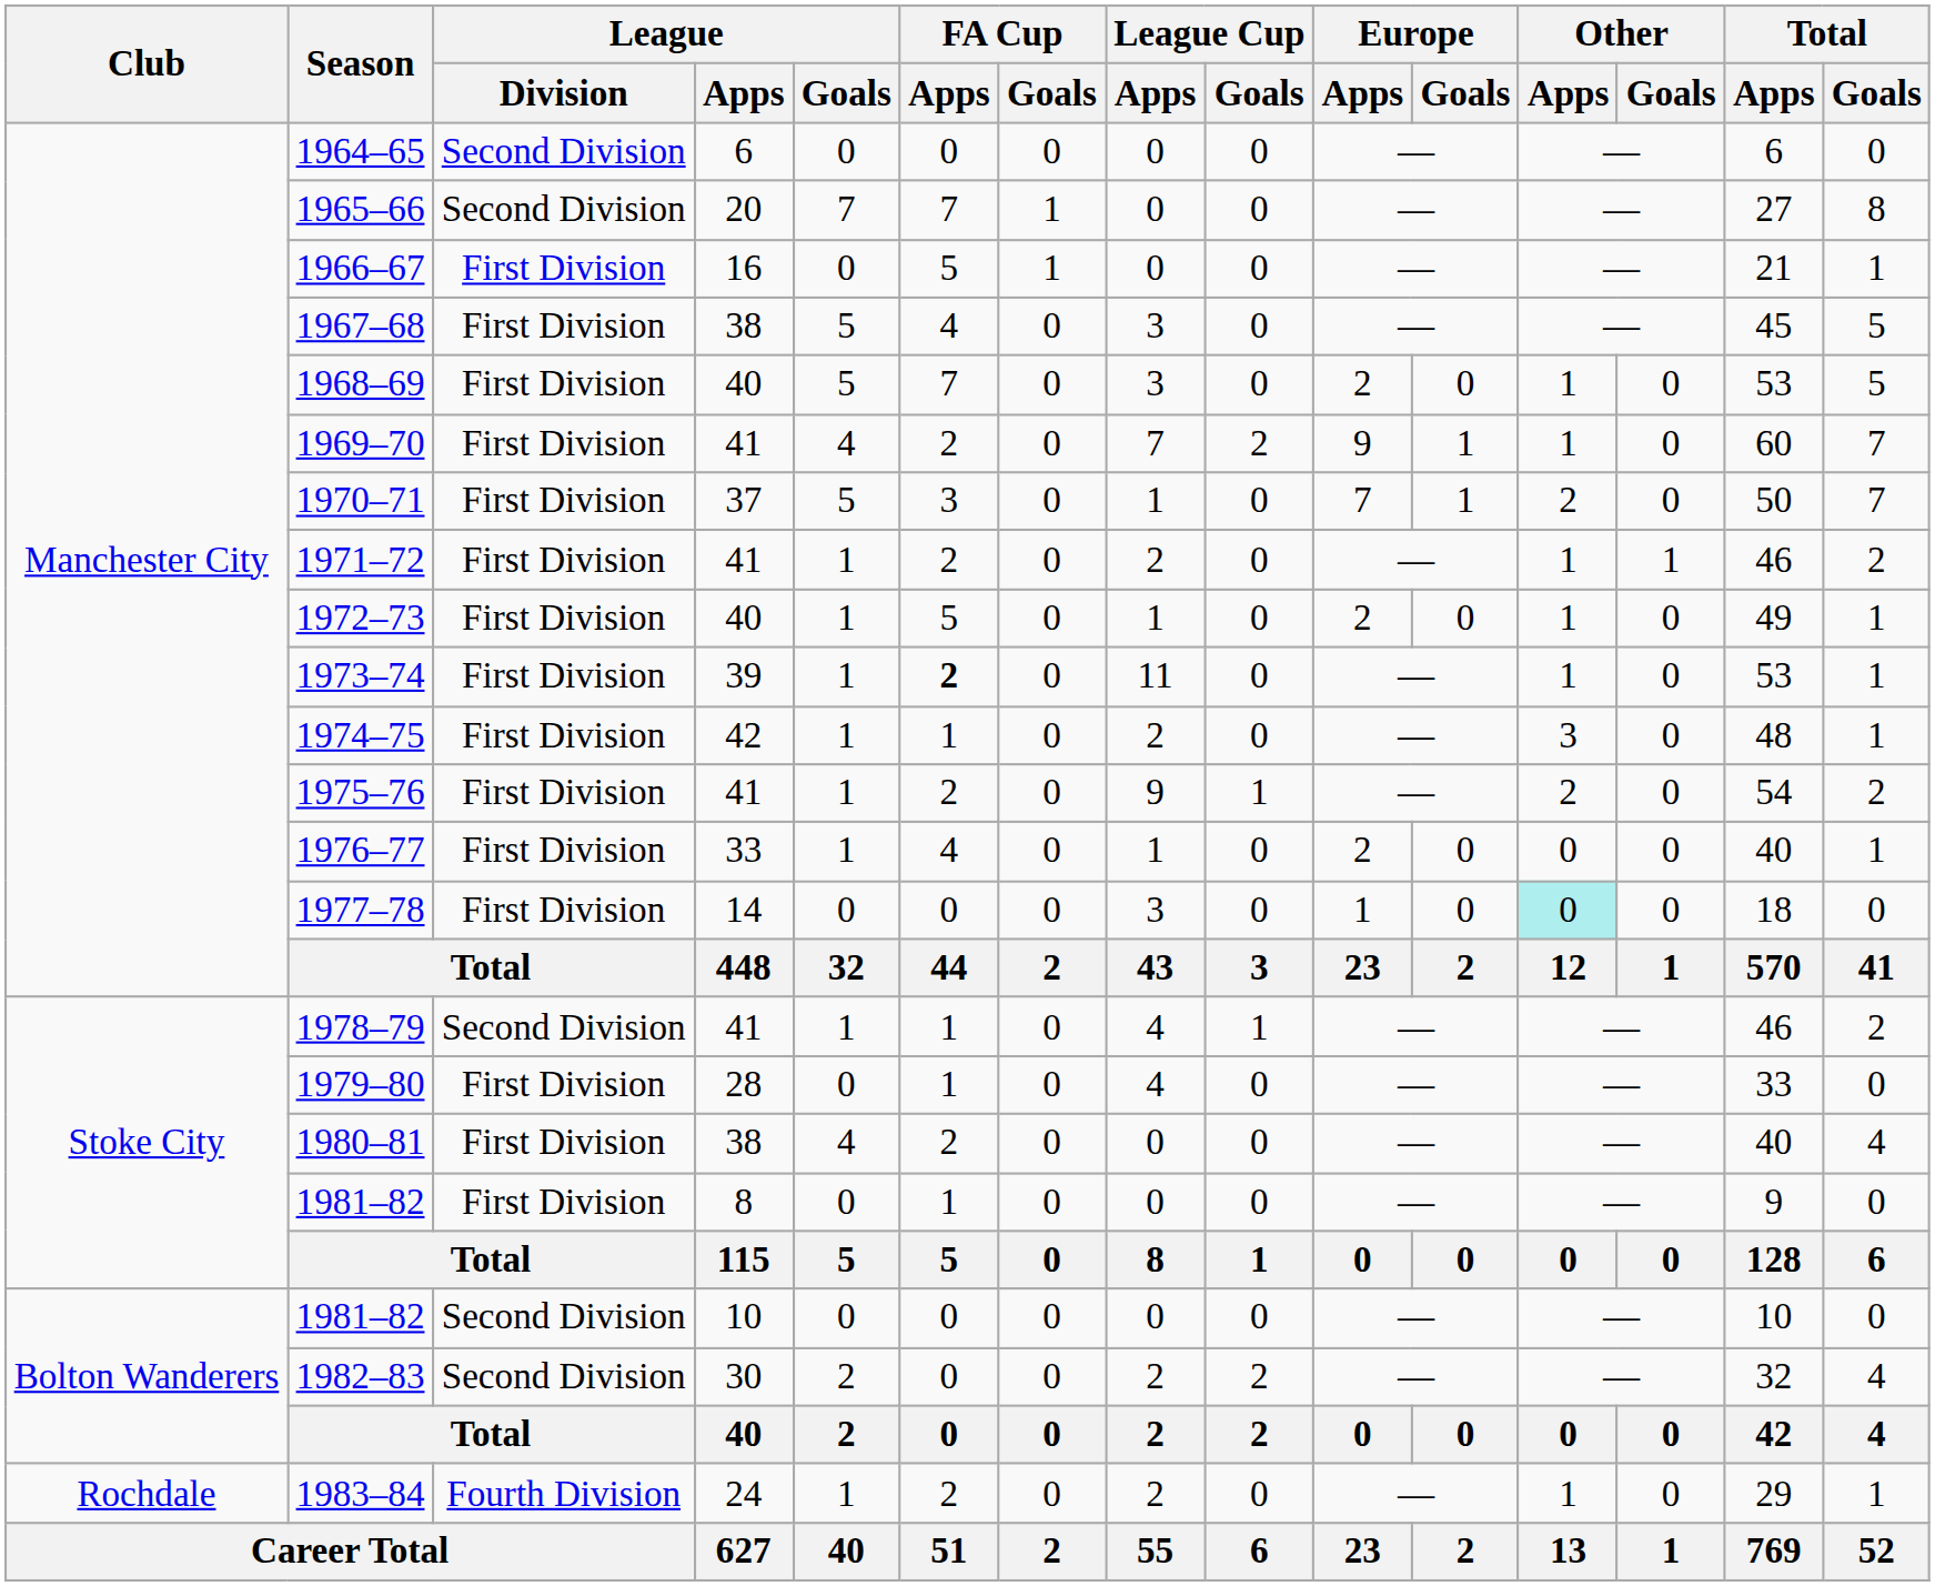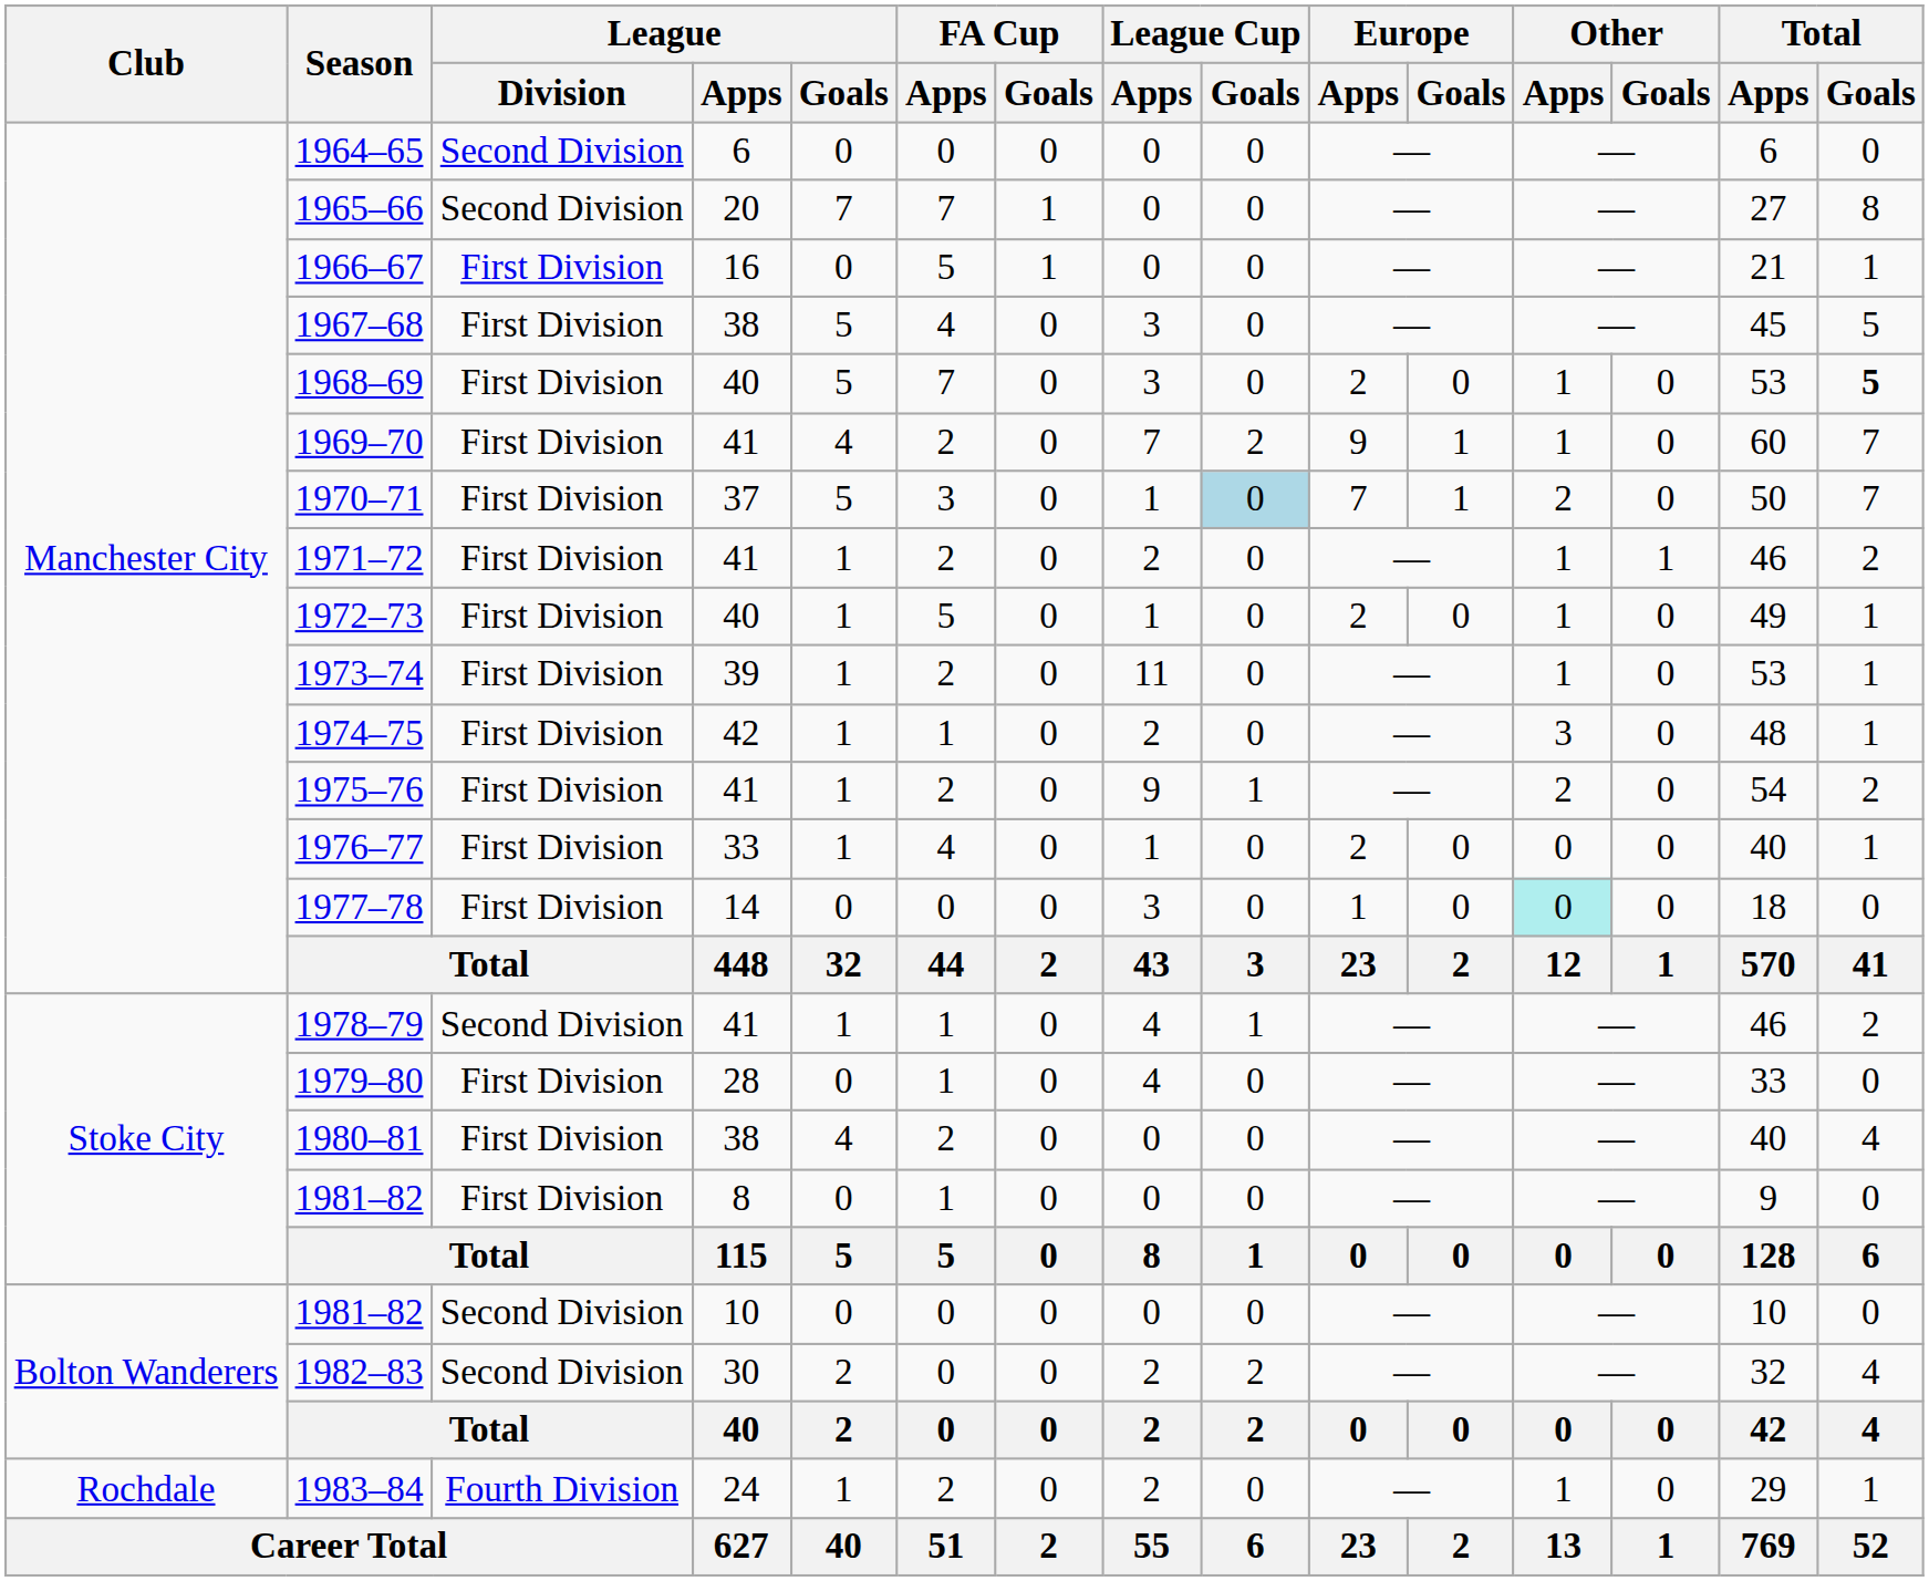 <table class="wikitable" style="text-align: center;">
 <tr>
 <th rowspan="2">Club</th>
 <th rowspan="2">Season</th>
 <th colspan="3">League</th>
 <th colspan="2">FA Cup</th>
 <th colspan="2">League Cup</th>
 <th colspan="2">Europe</th>
 <th colspan="2">Other</th>
 <th colspan="2">Total</th>
 </tr>
 <tr>
 <th>Division</th>
 <th>Apps</th>
 <th>Goals</th>
 <th>Apps</th>
 <th>Goals</th>
 <th>Apps</th>
 <th>Goals</th>
 <th>Apps</th>
 <th>Goals</th>
 <th>Apps</th>
 <th>Goals</th>
 <th>Apps</th>
 <th>Goals</th>
 </tr>
 <tr>
 <td rowspan="15"><a href='#'>Manchester City</a></td>
 <td><a href='#'>1964–65</a></td>
 <td><a href='#'>Second Division</a></td>
 <td>6</td>
 <td>0</td>
 <td>0</td>
 <td>0</td>
 <td>0</td>
 <td>0</td>
 <td colspan="2">—</td>
 <td colspan="2">—</td>
 <td>6</td>
 <td>0</td>
 </tr>
 <tr>
 <td><a href='#'>1965–66</a></td>
 <td>Second Division</td>
 <td>20</td>
 <td>7</td>
 <td>7</td>
 <td>1</td>
 <td>0</td>
 <td>0</td>
 <td colspan="2">—</td>
 <td colspan="2">—</td>
 <td>27</td>
 <td>8</td>
 </tr>
 <tr>
 <td><a href='#'>1966–67</a></td>
 <td><a href='#'>First Division</a></td>
 <td>16</td>
 <td>0</td>
 <td>5</td>
 <td>1</td>
 <td>0</td>
 <td>0</td>
 <td colspan="2">—</td>
 <td colspan="2">—</td>
 <td>21</td>
 <td>1</td>
 </tr>
 <tr>
 <td><a href='#'>1967–68</a></td>
 <td>First Division</td>
 <td>38</td>
 <td>5</td>
 <td>4</td>
 <td>0</td>
 <td>3</td>
 <td>0</td>
 <td colspan="2">—</td>
 <td colspan="2">—</td>
 <td>45</td>
 <td>5</td>
 </tr>
 <tr>
 <td><a href='#'>1968–69</a></td>
 <td>First Division</td>
 <td>40</td>
 <td>5</td>
 <td>7</td>
 <td>0</td>
 <td>3</td>
 <td>0</td>
 <td>2</td>
 <td>0</td>
 <td>1</td>
 <td>0</td>
 <td>53</td>
-<td>5</td>
+<td><strong>5</strong></td>
 </tr>
 <tr>
 <td><a href='#'>1969–70</a></td>
 <td>First Division</td>
 <td>41</td>
 <td>4</td>
 <td>2</td>
 <td>0</td>
 <td>7</td>
 <td>2</td>
 <td>9</td>
 <td>1</td>
 <td>1</td>
 <td>0</td>
 <td>60</td>
 <td>7</td>
 </tr>
 <tr>
 <td><a href='#'>1970–71</a></td>
 <td>First Division</td>
 <td>37</td>
 <td>5</td>
 <td>3</td>
 <td>0</td>
 <td>1</td>
-<td>0</td>
+<td style="background: lightblue;">0</td>
 <td>7</td>
 <td>1</td>
 <td>2</td>
 <td>0</td>
 <td>50</td>
 <td>7</td>
 </tr>
 <tr>
 <td><a href='#'>1971–72</a></td>
 <td>First Division</td>
 <td>41</td>
 <td>1</td>
 <td>2</td>
 <td>0</td>
 <td>2</td>
 <td>0</td>
 <td colspan="2">—</td>
 <td>1</td>
 <td>1</td>
 <td>46</td>
 <td>2</td>
 </tr>
 <tr>
 <td><a href='#'>1972–73</a></td>
 <td>First Division</td>
 <td>40</td>
 <td>1</td>
 <td>5</td>
 <td>0</td>
 <td>1</td>
 <td>0</td>
 <td>2</td>
 <td>0</td>
 <td>1</td>
 <td>0</td>
 <td>49</td>
 <td>1</td>
 </tr>
 <tr>
 <td><a href='#'>1973–74</a></td>
 <td>First Division</td>
 <td>39</td>
 <td>1</td>
-<td><strong>2</strong></td>
+<td>2</td>
 <td>0</td>
 <td>11</td>
 <td>0</td>
 <td colspan="2">—</td>
 <td>1</td>
 <td>0</td>
 <td>53</td>
 <td>1</td>
 </tr>
 <tr>
 <td><a href='#'>1974–75</a></td>
 <td>First Division</td>
 <td>42</td>
 <td>1</td>
 <td>1</td>
 <td>0</td>
 <td>2</td>
 <td>0</td>
 <td colspan="2">—</td>
 <td>3</td>
 <td>0</td>
 <td>48</td>
 <td>1</td>
 </tr>
 <tr>
 <td><a href='#'>1975–76</a></td>
 <td>First Division</td>
 <td>41</td>
 <td>1</td>
 <td>2</td>
 <td>0</td>
 <td>9</td>
 <td>1</td>
 <td colspan="2">—</td>
 <td>2</td>
 <td>0</td>
 <td>54</td>
 <td>2</td>
 </tr>
 <tr>
 <td><a href='#'>1976–77</a></td>
 <td>First Division</td>
 <td>33</td>
 <td>1</td>
 <td>4</td>
 <td>0</td>
 <td>1</td>
 <td>0</td>
 <td>2</td>
 <td>0</td>
 <td>0</td>
 <td>0</td>
 <td>40</td>
 <td>1</td>
 </tr>
 <tr>
 <td><a href='#'>1977–78</a></td>
 <td>First Division</td>
 <td>14</td>
 <td>0</td>
 <td>0</td>
 <td>0</td>
 <td>3</td>
 <td>0</td>
 <td>1</td>
 <td>0</td>
 <td style="background: paleturquoise;">0</td>
 <td>0</td>
 <td>18</td>
 <td>0</td>
 </tr>
 <tr>
 <th colspan="2">Total</th>
 <th>448</th>
 <th>32</th>
 <th>44</th>
 <th>2</th>
 <th>43</th>
 <th>3</th>
 <th>23</th>
 <th>2</th>
 <th>12</th>
 <th>1</th>
 <th>570</th>
 <th>41</th>
 </tr>
 <tr>
 <td rowspan="5"><a href='#'>Stoke City</a></td>
 <td><a href='#'>1978–79</a></td>
 <td>Second Division</td>
 <td>41</td>
 <td>1</td>
 <td>1</td>
 <td>0</td>
 <td>4</td>
 <td>1</td>
 <td colspan="2">—</td>
 <td colspan="2">—</td>
 <td>46</td>
 <td>2</td>
 </tr>
 <tr>
 <td><a href='#'>1979–80</a></td>
 <td>First Division</td>
 <td>28</td>
 <td>0</td>
 <td>1</td>
 <td>0</td>
 <td>4</td>
 <td>0</td>
 <td colspan="2">—</td>
 <td colspan="2">—</td>
 <td>33</td>
 <td>0</td>
 </tr>
 <tr>
 <td><a href='#'>1980–81</a></td>
 <td>First Division</td>
 <td>38</td>
 <td>4</td>
 <td>2</td>
 <td>0</td>
 <td>0</td>
 <td>0</td>
 <td colspan="2">—</td>
 <td colspan="2">—</td>
 <td>40</td>
 <td>4</td>
 </tr>
 <tr>
 <td><a href='#'>1981–82</a></td>
 <td>First Division</td>
 <td>8</td>
 <td>0</td>
 <td>1</td>
 <td>0</td>
 <td>0</td>
 <td>0</td>
 <td colspan="2">—</td>
 <td colspan="2">—</td>
 <td>9</td>
 <td>0</td>
 </tr>
 <tr>
 <th colspan="2">Total</th>
 <th>115</th>
 <th>5</th>
 <th>5</th>
 <th>0</th>
 <th>8</th>
 <th>1</th>
 <th>0</th>
 <th>0</th>
 <th>0</th>
 <th>0</th>
 <th>128</th>
 <th>6</th>
 </tr>
 <tr>
 <td rowspan="3"><a href='#'>Bolton Wanderers</a></td>
 <td><a href='#'>1981–82</a></td>
 <td>Second Division</td>
 <td>10</td>
 <td>0</td>
 <td>0</td>
 <td>0</td>
 <td>0</td>
 <td>0</td>
 <td colspan="2">—</td>
 <td colspan="2">—</td>
 <td>10</td>
 <td>0</td>
 </tr>
 <tr>
 <td><a href='#'>1982–83</a></td>
 <td>Second Division</td>
 <td>30</td>
 <td>2</td>
 <td>0</td>
 <td>0</td>
 <td>2</td>
 <td>2</td>
 <td colspan="2">—</td>
 <td colspan="2">—</td>
 <td>32</td>
 <td>4</td>
 </tr>
 <tr>
 <th colspan="2">Total</th>
 <th>40</th>
 <th>2</th>
 <th>0</th>
 <th>0</th>
 <th>2</th>
 <th>2</th>
 <th>0</th>
 <th>0</th>
 <th>0</th>
 <th>0</th>
 <th>42</th>
 <th>4</th>
 </tr>
 <tr>
 <td><a href='#'>Rochdale</a></td>
 <td><a href='#'>1983–84</a></td>
 <td><a href='#'>Fourth Division</a></td>
 <td>24</td>
 <td>1</td>
 <td>2</td>
 <td>0</td>
 <td>2</td>
 <td>0</td>
 <td colspan="2">—</td>
 <td>1</td>
 <td>0</td>
 <td>29</td>
 <td>1</td>
 </tr>
 <tr>
 <th colspan="3">Career Total</th>
 <th>627</th>
 <th>40</th>
 <th>51</th>
 <th>2</th>
 <th>55</th>
 <th>6</th>
 <th>23</th>
 <th>2</th>
 <th>13</th>
 <th>1</th>
 <th>769</th>
 <th>52</th>
 </tr>
 </table>
